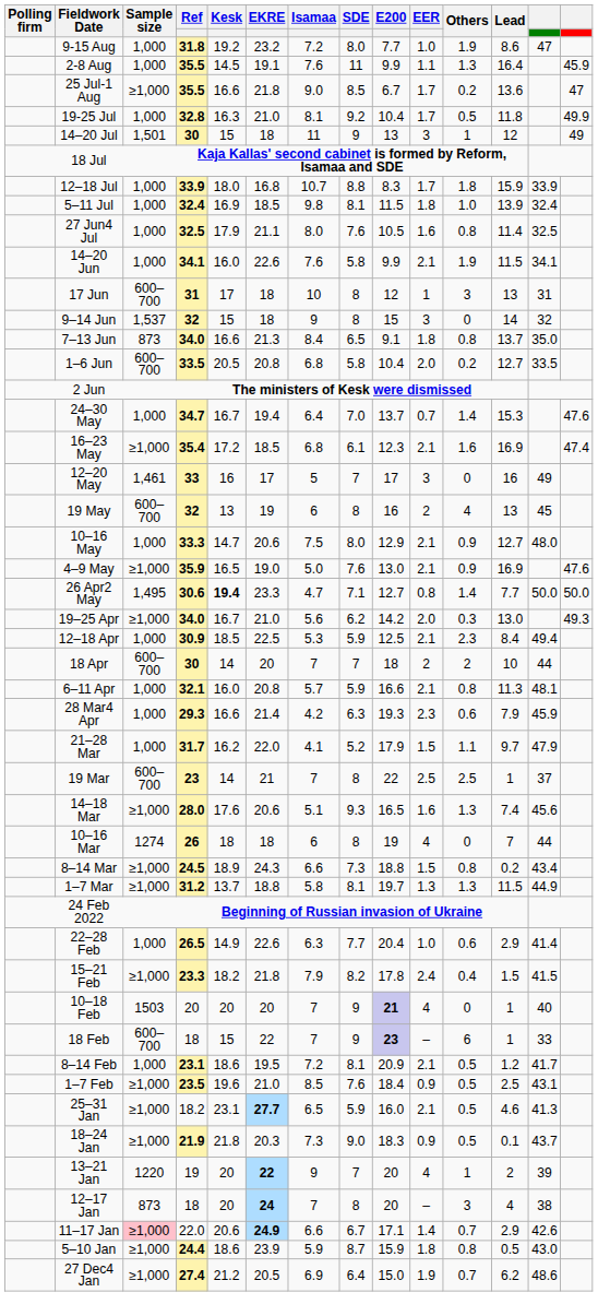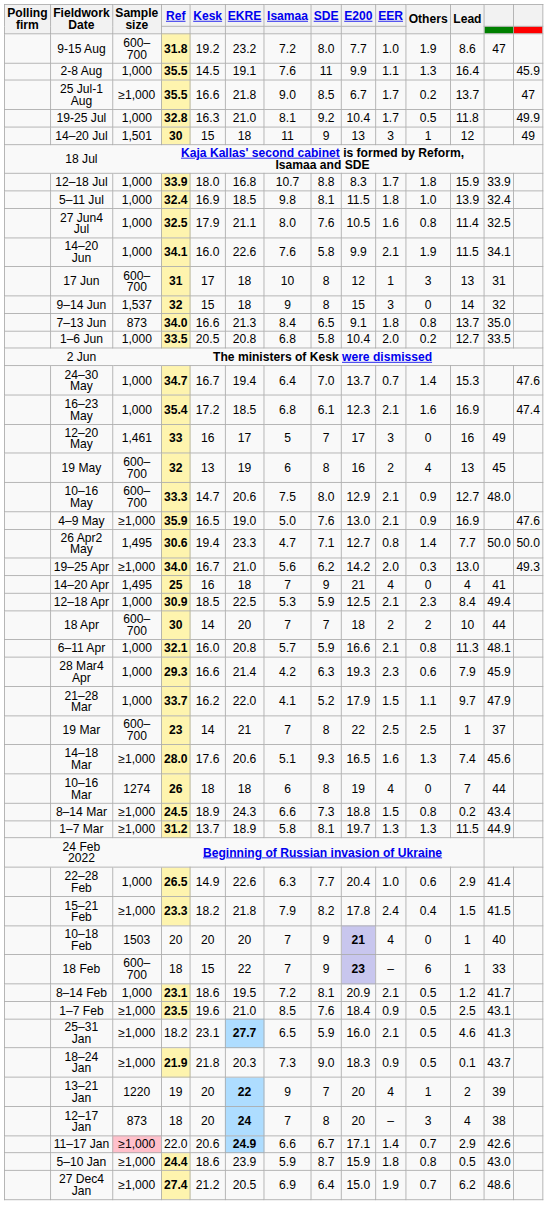 <table class="wikitable sortable mw-datatable" style="text-align:center;font-size:90%;line-height:14px;">
 <tr>
 <th rowspan="2">Polling firm</th>
 <th rowspan="2">Fieldwork Date</th>
 <th rowspan="2" data-sort-type="number">Sample<br>size</th>
 <th class="unsortable" style="width:50px;"><a href='#'>Ref</a></th>
 <th class="unsortable" style="width:50px;"><a href='#'>Kesk</a></th>
 <th class="unsortable" style="width:50px;"><a href='#'>EKRE</a></th>
 <th class="unsortable" style="width:50px;"><a href='#'>Isamaa</a></th>
 <th class="unsortable" style="width:50px;"><a href='#'>SDE</a></th>
 <th class="unsortable" style="width:50px;"><a href='#'>E200</a></th>
 <th class="unsortable" style="width:50px;"><a href='#'>EER</a></th>
 <th rowspan="2" class="unsortable">Others</th>
 <th rowspan="2" data-sort-type="number">Lead</th>
 <th class="unsortable" style="width:20px;"></th>
 <th class="unsortable" style="width:20px;"></th>
 </tr>
 <tr style="text-align:center;">
 <th data-sort-type="number" style="background:"></th>
 <th data-sort-type="number" style="background:"></th>
 <th data-sort-type="number" style="background:"></th>
 <th data-sort-type="number" style="background:"></th>
 <th data-sort-type="number" style="background:"></th>
 <th data-sort-type="number" style="background:"></th>
 <th data-sort-type="number" style="background:"></th>
 <th data-sort-type="number" style="background:Green;"></th>
 <th data-sort-type="number" style="background:Red;"></th>
 </tr>
 <tr>
 <td></td>
 <td>9-15 Aug</td>
-<td>1,000</td>
+<td>600–700</td>
 <td style="background:#FEF4AE"><strong>31.8</strong></td>
 <td>19.2</td>
 <td>23.2</td>
 <td>7.2</td>
 <td>8.0</td>
 <td>7.7</td>
 <td>1.0</td>
 <td>1.9</td>
 <td style="background:">8.6</td>
 <td>47</td>
 <td></td>
 </tr>
 <tr>
 <td></td>
 <td>2-8 Aug</td>
 <td>1,000</td>
 <td style="background:#FEF4AE"><strong>35.5</strong></td>
 <td>14.5</td>
 <td>19.1</td>
 <td>7.6</td>
 <td>11</td>
 <td>9.9</td>
 <td>1.1</td>
 <td>1.3</td>
 <td style="background:">16.4</td>
 <td></td>
 <td>45.9</td>
 </tr>
 <tr>
 <td></td>
 <td>25 Jul-1 Aug</td>
 <td>≥1,000</td>
 <td style="background:#FEF4AE"><strong>35.5</strong></td>
 <td>16.6</td>
 <td>21.8</td>
 <td>9.0</td>
 <td>8.5</td>
 <td>6.7</td>
 <td>1.7</td>
 <td>0.2</td>
-<td style="background:">13.6</td>
+<td style="background:">13.7</td>
 <td></td>
 <td>47</td>
 </tr>
 <tr>
 <td></td>
 <td>19-25 Jul</td>
 <td>1,000</td>
 <td style="background:#FEF4AE"><strong>32.8</strong></td>
 <td>16.3</td>
 <td>21.0</td>
 <td>8.1</td>
 <td>9.2</td>
 <td>10.4</td>
 <td>1.7</td>
 <td>0.5</td>
 <td style="background:">11.8</td>
 <td></td>
 <td>49.9</td>
 </tr>
 <tr>
 <td></td>
 <td>14–20 Jul</td>
 <td>1,501</td>
 <td style="background:#FEF4AE"><strong>30</strong></td>
 <td>15</td>
 <td>18</td>
 <td>11</td>
 <td>9</td>
 <td>13</td>
 <td>3</td>
 <td>1</td>
 <td style="background:">12</td>
 <td></td>
 <td>49</td>
 </tr>
 <tr>
 <td style="border-right-style:hidden;"></td>
 <td style="border-right-style:hidden;">18 Jul</td>
 <td style="border-right-style:hidden;"></td>
 <td colspan="9"><strong><a href='#'>Kaja Kallas' second cabinet</a> is formed by Reform, Isamaa and SDE</strong></td>
 </tr>
 <tr>
 <td></td>
 <td>12–18 Jul</td>
 <td>1,000</td>
 <td style="background:#FEF4AE"><strong>33.9</strong></td>
 <td>18.0</td>
 <td>16.8</td>
 <td>10.7</td>
 <td>8.8</td>
 <td>8.3</td>
 <td>1.7</td>
 <td>1.8</td>
 <td style="background:">15.9</td>
 <td>33.9</td>
 <td></td>
 </tr>
 <tr>
 <td></td>
 <td>5–11 Jul</td>
 <td>1,000</td>
 <td style="background:#FEF4AE"><strong>32.4</strong></td>
 <td>16.9</td>
 <td>18.5</td>
 <td>9.8</td>
 <td>8.1</td>
 <td>11.5</td>
 <td>1.8</td>
 <td>1.0</td>
 <td style="background:">13.9</td>
 <td>32.4</td>
 <td></td>
 </tr>
 <tr>
 <td></td>
 <td>27 Jun4 Jul</td>
 <td>1,000</td>
 <td style="background:#FEF4AE"><strong>32.5</strong></td>
 <td>17.9</td>
 <td>21.1</td>
 <td>8.0</td>
 <td>7.6</td>
 <td>10.5</td>
 <td>1.6</td>
 <td>0.8</td>
 <td style="background:">11.4</td>
 <td>32.5</td>
 <td></td>
 </tr>
 <tr>
 <td></td>
 <td>14–20 Jun</td>
 <td>1,000</td>
 <td style="background:#FEF4AE"><strong>34.1</strong></td>
 <td>16.0</td>
 <td>22.6</td>
 <td>7.6</td>
 <td>5.8</td>
 <td>9.9</td>
 <td>2.1</td>
 <td>1.9</td>
 <td style="background:">11.5</td>
 <td>34.1</td>
 <td></td>
 </tr>
 <tr>
 <td></td>
 <td>17 Jun</td>
 <td>600–700</td>
 <td style="background:#FEF4AE"><strong>31</strong></td>
 <td>17</td>
 <td>18</td>
 <td>10</td>
 <td>8</td>
 <td>12</td>
 <td>1</td>
 <td>3</td>
 <td style="background:">13</td>
 <td>31</td>
 <td></td>
 </tr>
 <tr>
 <td></td>
 <td>9–14 Jun</td>
 <td>1,537</td>
 <td style="background:#FEF4AE"><strong>32</strong></td>
 <td>15</td>
 <td>18</td>
 <td>9</td>
 <td>8</td>
 <td>15</td>
 <td>3</td>
 <td>0</td>
 <td style="background:">14</td>
 <td>32</td>
 <td></td>
 </tr>
 <tr>
 <td></td>
 <td>7–13 Jun</td>
 <td>873</td>
 <td style="background:#FEF4AE"><strong>34.0</strong></td>
 <td>16.6</td>
 <td>21.3</td>
 <td>8.4</td>
 <td>6.5</td>
 <td>9.1</td>
 <td>1.8</td>
 <td>0.8</td>
 <td style="background:">13.7</td>
 <td>35.0</td>
 <td></td>
 </tr>
 <tr>
 <td></td>
 <td>1–6 Jun</td>
-<td>600–700</td>
+<td>1,000</td>
 <td style="background:#FEF4AE"><strong>33.5</strong></td>
 <td>20.5</td>
 <td>20.8</td>
 <td>6.8</td>
 <td>5.8</td>
 <td>10.4</td>
 <td>2.0</td>
 <td>0.2</td>
 <td style="background:">12.7</td>
 <td>33.5</td>
 <td></td>
 </tr>
 <tr>
 <td style="border-right-style:hidden;"></td>
 <td style="border-right-style:hidden;">2 Jun</td>
 <td style="border-right-style:hidden;"></td>
 <td colspan="9"><strong>The ministers of Kesk <a href='#'>were dismissed</a></strong></td>
 </tr>
 <tr>
 <td></td>
 <td>24–30 May</td>
 <td>1,000</td>
 <td style="background:#FEF4AE"><strong>34.7</strong></td>
 <td>16.7</td>
 <td>19.4</td>
 <td>6.4</td>
 <td>7.0</td>
 <td>13.7</td>
 <td>0.7</td>
 <td>1.4</td>
 <td style="background:">15.3</td>
 <td></td>
 <td>47.6</td>
 </tr>
 <tr>
 <td></td>
 <td>16–23 May</td>
-<td>≥1,000</td>
+<td>1,000</td>
 <td style="background:#FEF4AE"><strong>35.4</strong></td>
 <td>17.2</td>
 <td>18.5</td>
 <td>6.8</td>
 <td>6.1</td>
 <td>12.3</td>
 <td>2.1</td>
 <td>1.6</td>
 <td style="background:">16.9</td>
 <td></td>
 <td>47.4</td>
 </tr>
 <tr>
 <td></td>
 <td>12–20 May</td>
 <td>1,461</td>
 <td style="background:#FEF4AE"><strong>33</strong></td>
 <td>16</td>
 <td>17</td>
 <td>5</td>
 <td>7</td>
 <td>17</td>
 <td>3</td>
 <td>0</td>
 <td style="background:">16</td>
 <td>49</td>
 <td></td>
 </tr>
 <tr>
 <td></td>
 <td>19 May</td>
 <td>600–700</td>
 <td style="background:#FEF4AE"><strong>32</strong></td>
 <td>13</td>
 <td>19</td>
 <td>6</td>
 <td>8</td>
 <td>16</td>
 <td>2</td>
 <td>4</td>
 <td style="background:">13</td>
 <td>45</td>
 <td></td>
 </tr>
 <tr>
 <td></td>
 <td>10–16 May</td>
-<td>1,000</td>
+<td>600–700</td>
 <td style="background:#FEF4AE"><strong>33.3</strong></td>
 <td>14.7</td>
 <td>20.6</td>
 <td>7.5</td>
 <td>8.0</td>
 <td>12.9</td>
 <td>2.1</td>
 <td>0.9</td>
 <td style="background:">12.7</td>
 <td>48.0</td>
 <td></td>
 </tr>
 <tr>
 <td></td>
 <td>4–9 May</td>
 <td>≥1,000</td>
 <td style="background:#FEF4AE"><strong>35.9</strong></td>
 <td>16.5</td>
 <td>19.0</td>
 <td>5.0</td>
 <td>7.6</td>
 <td>13.0</td>
 <td>2.1</td>
 <td>0.9</td>
 <td style="background:">16.9</td>
 <td></td>
 <td>47.6</td>
 </tr>
 <tr>
 <td></td>
 <td>26 Apr2 May</td>
 <td>1,495</td>
 <td style="background:#FEF4AE"><strong>30.6</strong></td>
-<td><strong>19.4</strong></td>
+<td>19.4</td>
 <td>23.3</td>
 <td>4.7</td>
 <td>7.1</td>
 <td>12.7</td>
 <td>0.8</td>
 <td>1.4</td>
 <td style="background:">7.7</td>
 <td>50.0</td>
 <td>50.0</td>
 </tr>
 <tr>
 <td></td>
 <td>19–25 Apr</td>
 <td>≥1,000</td>
 <td style="background:#FEF4AE"><strong>34.0</strong></td>
 <td>16.7</td>
 <td>21.0</td>
 <td>5.6</td>
 <td>6.2</td>
 <td>14.2</td>
 <td>2.0</td>
 <td>0.3</td>
 <td style="background:">13.0</td>
 <td></td>
 <td>49.3</td>
+</tr>
+<tr>
+<td></td>
+<td>14–20 Apr</td>
+<td>1,495</td>
+<td style="background:#FEF4AE"><strong>25</strong></td>
+<td>16</td>
+<td>18</td>
+<td>7</td>
+<td>9</td>
+<td>21</td>
+<td>4</td>
+<td>0</td>
+<td style="background:">4</td>
+<td>41</td>
+<td></td>
 </tr>
 <tr>
 <td></td>
 <td>12–18 Apr</td>
 <td>1,000</td>
 <td style="background:#FEF4AE"><strong>30.9</strong></td>
 <td>18.5</td>
 <td>22.5</td>
 <td>5.3</td>
 <td>5.9</td>
 <td>12.5</td>
 <td>2.1</td>
 <td>2.3</td>
 <td style="background:">8.4</td>
 <td>49.4</td>
 <td></td>
 </tr>
 <tr>
 <td></td>
 <td>18 Apr</td>
 <td>600–700</td>
 <td style="background:#FEF4AE"><strong>30</strong></td>
 <td>14</td>
 <td>20</td>
 <td>7</td>
 <td>7</td>
 <td>18</td>
 <td>2</td>
 <td>2</td>
 <td style="background:">10</td>
 <td>44</td>
 <td></td>
 </tr>
 <tr>
 <td></td>
 <td>6–11 Apr</td>
 <td>1,000</td>
 <td style="background:#FEF4AE"><strong>32.1</strong></td>
 <td>16.0</td>
 <td>20.8</td>
 <td>5.7</td>
 <td>5.9</td>
 <td>16.6</td>
 <td>2.1</td>
 <td>0.8</td>
 <td style="background:">11.3</td>
 <td>48.1</td>
 <td></td>
 </tr>
 <tr>
 <td></td>
 <td>28 Mar4 Apr</td>
 <td>1,000</td>
 <td style="background:#FEF4AE"><strong>29.3</strong></td>
 <td>16.6</td>
 <td>21.4</td>
 <td>4.2</td>
 <td>6.3</td>
 <td>19.3</td>
 <td>2.3</td>
 <td>0.6</td>
 <td style="background:">7.9</td>
 <td>45.9</td>
 <td></td>
 </tr>
 <tr>
 <td></td>
 <td>21–28 Mar</td>
 <td>1,000</td>
-<td style="background:#FEF4AE"><strong>31.7</strong></td>
+<td style="background:#FEF4AE"><strong>33.7</strong></td>
 <td>16.2</td>
 <td>22.0</td>
 <td>4.1</td>
 <td>5.2</td>
 <td>17.9</td>
 <td>1.5</td>
 <td>1.1</td>
 <td style="background:">9.7</td>
 <td>47.9</td>
 <td></td>
 </tr>
 <tr>
 <td></td>
 <td>19 Mar</td>
 <td>600–700</td>
 <td style="background:#FEF4AE"><strong>23</strong></td>
 <td>14</td>
 <td>21</td>
 <td>7</td>
 <td>8</td>
 <td>22</td>
 <td>2.5</td>
 <td>2.5</td>
 <td style="background:">1</td>
 <td>37</td>
 <td></td>
 </tr>
 <tr>
 <td></td>
 <td>14–18 Mar</td>
 <td>≥1,000</td>
 <td style="background:#FEF4AE"><strong>28.0</strong></td>
 <td>17.6</td>
 <td>20.6</td>
 <td>5.1</td>
 <td>9.3</td>
 <td>16.5</td>
 <td>1.6</td>
 <td>1.3</td>
 <td style="background:">7.4</td>
 <td>45.6</td>
 <td></td>
 </tr>
 <tr>
 <td></td>
 <td>10–16 Mar</td>
 <td>1274</td>
 <td style="background:#FEF4AE"><strong>26</strong></td>
 <td>18</td>
 <td>18</td>
 <td>6</td>
 <td>8</td>
 <td>19</td>
 <td>4</td>
 <td>0</td>
 <td style="background:">7</td>
 <td>44</td>
 <td></td>
 </tr>
 <tr>
 <td></td>
 <td>8–14 Mar</td>
 <td>≥1,000</td>
 <td style="background:#FEF4AE"><strong>24.5</strong></td>
 <td>18.9</td>
 <td>24.3</td>
 <td>6.6</td>
 <td>7.3</td>
 <td>18.8</td>
 <td>1.5</td>
 <td>0.8</td>
 <td style="background:">0.2</td>
 <td>43.4</td>
 <td></td>
 </tr>
 <tr>
 <td></td>
 <td>1–7 Mar</td>
 <td>≥1,000</td>
 <td style="background:#FEF4AE"><strong>31.2</strong></td>
 <td>13.7</td>
-<td>18.8</td>
+<td>18.9</td>
 <td>5.8</td>
 <td>8.1</td>
 <td>19.7</td>
 <td>1.3</td>
 <td>1.3</td>
 <td style="background:">11.5</td>
 <td>44.9</td>
 <td></td>
 </tr>
 <tr>
 <td style="border-right-style:hidden;"></td>
 <td style="border-right-style:hidden;">24 Feb 2022</td>
 <td style="border-right-style:hidden;"></td>
 <td colspan="9"><strong><a href='#'>Beginning of Russian invasion of Ukraine</a></strong></td>
 </tr>
 <tr>
 <td></td>
 <td>22–28 Feb</td>
 <td>1,000</td>
 <td style="background:#FEF4AE"><strong>26.5</strong></td>
 <td>14.9</td>
 <td>22.6</td>
 <td>6.3</td>
 <td>7.7</td>
 <td>20.4</td>
 <td>1.0</td>
 <td>0.6</td>
 <td style="background:">2.9</td>
 <td>41.4</td>
 <td></td>
 </tr>
 <tr>
 <td></td>
 <td>15–21 Feb</td>
 <td>≥1,000</td>
 <td style="background:#FEF4AE"><strong>23.3</strong></td>
 <td>18.2</td>
 <td>21.8</td>
 <td>7.9</td>
 <td>8.2</td>
 <td>17.8</td>
 <td>2.4</td>
 <td>0.4</td>
 <td style="background:">1.5</td>
 <td>41.5</td>
 <td></td>
 </tr>
 <tr>
 <td></td>
 <td>10–18 Feb</td>
 <td>1503</td>
 <td>20</td>
 <td>20</td>
 <td>20</td>
 <td>7</td>
 <td>9</td>
 <td style="background:#c8c6ee"><strong>21</strong></td>
 <td>4</td>
 <td>0</td>
 <td style="background:">1</td>
 <td>40</td>
 <td></td>
 </tr>
 <tr>
 <td></td>
 <td>18 Feb</td>
 <td>600–700</td>
 <td>18</td>
 <td>15</td>
 <td>22</td>
 <td>7</td>
 <td>9</td>
 <td style="background:#c8c6ee"><strong>23</strong></td>
 <td>–</td>
 <td>6</td>
 <td style="background:">1</td>
 <td>33</td>
 <td></td>
 </tr>
 <tr>
 <td></td>
 <td>8–14 Feb</td>
 <td>1,000</td>
 <td style="background:#FEF4AE"><strong>23.1</strong></td>
 <td>18.6</td>
 <td>19.5</td>
 <td>7.2</td>
 <td>8.1</td>
 <td>20.9</td>
 <td>2.1</td>
 <td>0.5</td>
 <td style="background:">1.2</td>
 <td>41.7</td>
 <td></td>
 </tr>
 <tr>
 <td></td>
 <td>1–7 Feb</td>
 <td>≥1,000</td>
 <td style="background:#FEF4AE"><strong>23.5</strong></td>
 <td>19.6</td>
 <td>21.0</td>
 <td>8.5</td>
 <td>7.6</td>
 <td>18.4</td>
 <td>0.9</td>
 <td>0.5</td>
 <td style="background:">2.5</td>
 <td>43.1</td>
 <td></td>
 </tr>
 <tr>
 <td></td>
 <td>25–31 Jan</td>
 <td>≥1,000</td>
 <td>18.2</td>
 <td>23.1</td>
 <td style="background:#AEDDFF;"><strong>27.7</strong></td>
 <td>6.5</td>
 <td>5.9</td>
 <td>16.0</td>
 <td>2.1</td>
 <td>0.5</td>
 <td style="background:">4.6</td>
 <td>41.3</td>
 <td></td>
 </tr>
 <tr>
 <td></td>
 <td>18–24 Jan</td>
 <td>≥1,000</td>
 <td style="background:#FEF4AE"><strong>21.9</strong></td>
 <td>21.8</td>
 <td>20.3</td>
 <td>7.3</td>
 <td>9.0</td>
 <td>18.3</td>
 <td>0.9</td>
 <td>0.5</td>
 <td style="background:">0.1</td>
 <td>43.7</td>
 <td></td>
 </tr>
 <tr>
 <td></td>
 <td>13–21 Jan</td>
 <td>1220</td>
 <td>19</td>
 <td>20</td>
 <td style="background:#AEDDFF;"><strong>22</strong></td>
 <td>9</td>
 <td>7</td>
 <td>20</td>
 <td>4</td>
 <td>1</td>
 <td style="background:">2</td>
 <td>39</td>
 <td></td>
 </tr>
 <tr>
 <td></td>
 <td>12–17 Jan</td>
 <td>873</td>
 <td>18</td>
 <td>20</td>
 <td style="background:#AEDDFF;"><strong>24</strong></td>
 <td>7</td>
 <td>8</td>
 <td>20</td>
 <td>–</td>
 <td>3</td>
 <td style="background:">4</td>
 <td>38</td>
 <td></td>
 </tr>
 <tr>
 <td></td>
 <td>11–17 Jan</td>
 <td style="background: pink;">≥1,000</td>
 <td>22.0</td>
 <td>20.6</td>
 <td style="background:#AEDDFF;"><strong>24.9</strong></td>
 <td>6.6</td>
 <td>6.7</td>
 <td>17.1</td>
 <td>1.4</td>
 <td>0.7</td>
 <td style="background:">2.9</td>
 <td>42.6</td>
 <td></td>
 </tr>
 <tr>
 <td></td>
 <td>5–10 Jan</td>
 <td>≥1,000</td>
 <td style="background:#FEF4AE"><strong>24.4</strong></td>
 <td>18.6</td>
 <td>23.9</td>
 <td>5.9</td>
 <td>8.7</td>
 <td>15.9</td>
 <td>1.8</td>
 <td>0.8</td>
 <td style="background:">0.5</td>
 <td>43.0</td>
 <td></td>
 </tr>
 <tr>
 <td></td>
 <td>27 Dec4 Jan</td>
 <td>≥1,000</td>
 <td style="background:#FEF4AE"><strong>27.4</strong></td>
 <td>21.2</td>
 <td>20.5</td>
 <td>6.9</td>
 <td>6.4</td>
 <td>15.0</td>
 <td>1.9</td>
 <td>0.7</td>
 <td style="background:">6.2</td>
 <td>48.6</td>
 <td></td>
 </tr>
 </table>
